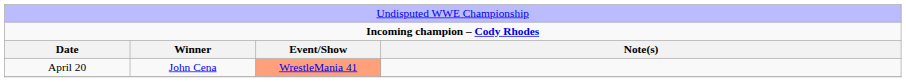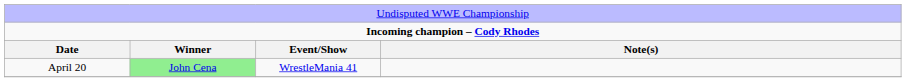 <table class="wikitable" style="text-align:center; width:100%;">
 <tr style="background:#BBF;">
 <td colspan="4" style="text-align: center;"><a href='#'>Undisputed WWE Championship</a></td>
 </tr>
 <tr>
 <td colspan="4" style="text-align: center;"><strong>Incoming champion – <a href='#'>Cody Rhodes</a></strong></td>
 </tr>
 <tr>
 <th width="14%">Date</th>
 <th width="14%">Winner</th>
 <th width="14%">Event/Show</th>
 <th width="58%">Note(s)</th>
 </tr>
 <tr>
 <td>April 20</td>
-<td><a href='#'>John Cena</a></td>
-<td style="background: lightsalmon;"><a href='#'>WrestleMania 41</a><br></td>
+<td style="background: lightgreen;"><a href='#'>John Cena</a></td>
+<td><a href='#'>WrestleMania 41</a><br></td>
 <td></td>
 </tr>
 <tr>
 </tr>
 </table>
